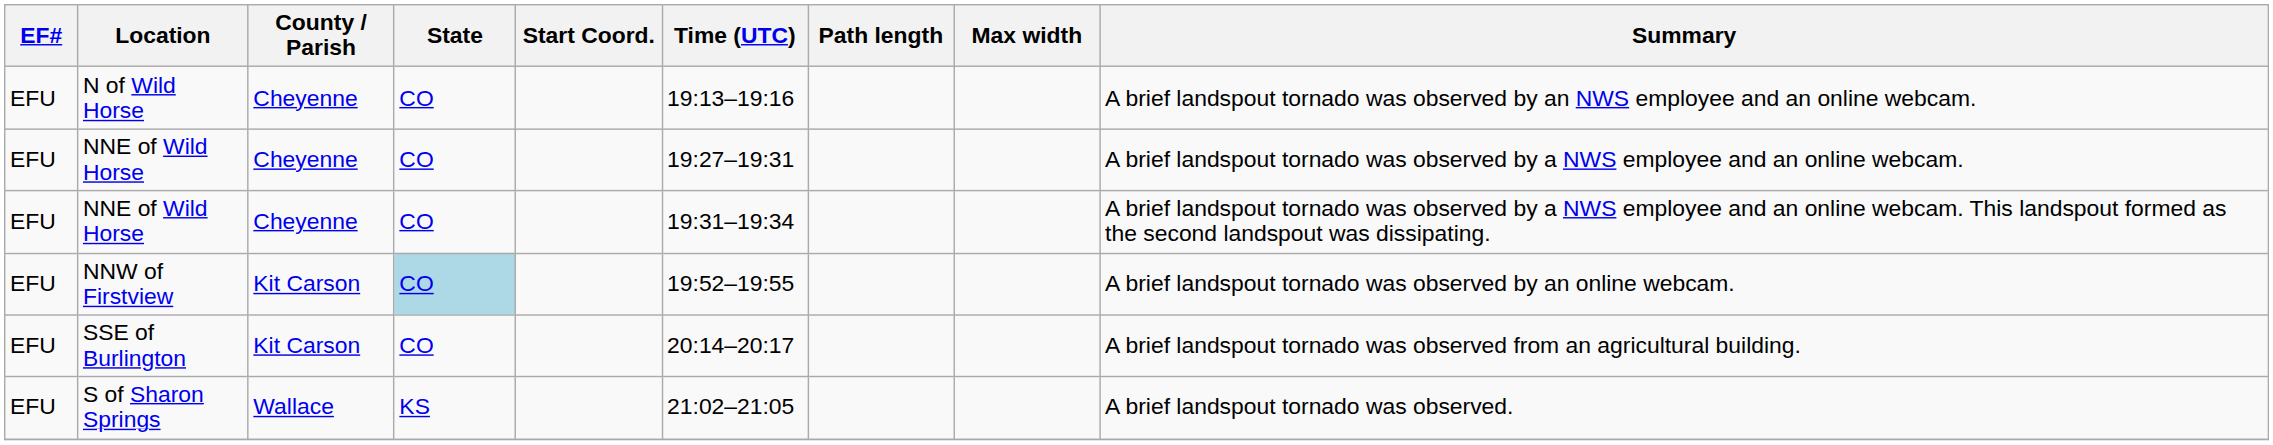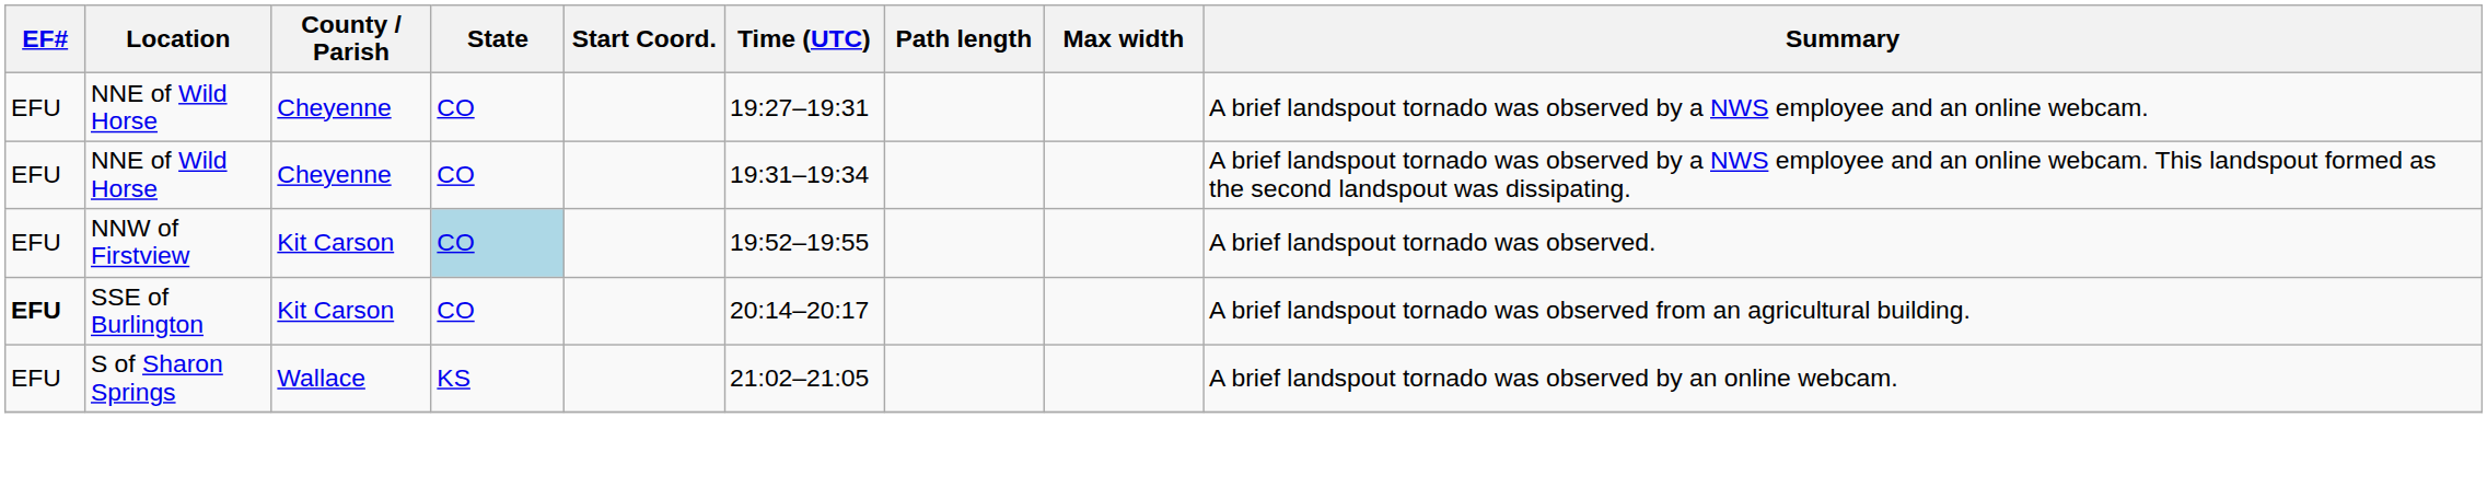 <table class="wikitable sortable" style="width:100%;">
 <tr>
 <th scope="col"  style="width:3%; text-align:center;"><a href='#'>EF#</a></th>
 <th scope="col"  style="width:7%; text-align:center;" class="unsortable">Location</th>
 <th scope="col"  style="width:6%; text-align:center;" class="unsortable">County / Parish</th>
 <th scope="col"  style="width:5%; text-align:center;">State</th>
 <th scope="col"  style="width:6%; text-align:center;">Start Coord.</th>
 <th scope="col"  style="width:6%; text-align:center;">Time (<a href='#'>UTC</a>)</th>
 <th scope="col"  style="width:6%; text-align:center;">Path length</th>
 <th scope="col"  style="width:6%; text-align:center;">Max width</th>
 <th scope="col" class="unsortable" style="width:48%; text-align:center;">Summary</th>
-</tr>
-<tr>
-<td>EFU</td>
-<td>N of <a href='#'>Wild Horse</a></td>
-<td><a href='#'>Cheyenne</a></td>
-<td><a href='#'>CO</a></td>
-<td></td>
-<td>19:13–19:16</td>
-<td></td>
-<td></td>
-<td>A brief landspout tornado was observed by an <a href='#'>NWS</a> employee and an online webcam.</td>
 </tr>
 <tr>
 <td>EFU</td>
 <td>NNE of <a href='#'>Wild Horse</a></td>
 <td><a href='#'>Cheyenne</a></td>
 <td><a href='#'>CO</a></td>
 <td></td>
 <td>19:27–19:31</td>
 <td></td>
 <td></td>
 <td>A brief landspout tornado was observed by a <a href='#'>NWS</a> employee and an online webcam.</td>
 </tr>
 <tr>
 <td>EFU</td>
 <td>NNE of <a href='#'>Wild Horse</a></td>
 <td><a href='#'>Cheyenne</a></td>
 <td><a href='#'>CO</a></td>
 <td></td>
 <td>19:31–19:34</td>
 <td></td>
 <td></td>
 <td>A brief landspout tornado was observed by a <a href='#'>NWS</a> employee and an online webcam. This landspout formed as the second landspout was dissipating.</td>
 </tr>
 <tr>
 <td>EFU</td>
 <td>NNW of <a href='#'>Firstview</a></td>
 <td><a href='#'>Kit Carson</a></td>
 <td style="background: lightblue;"><a href='#'>CO</a></td>
 <td></td>
 <td>19:52–19:55</td>
 <td></td>
 <td></td>
-<td>A brief landspout tornado was observed by an online webcam.</td>
+<td>A brief landspout tornado was observed.</td>
 </tr>
 <tr>
-<td>EFU</td>
+<td><strong>EFU</strong></td>
 <td>SSE of <a href='#'>Burlington</a></td>
 <td><a href='#'>Kit Carson</a></td>
 <td><a href='#'>CO</a></td>
 <td></td>
 <td>20:14–20:17</td>
 <td></td>
 <td></td>
 <td>A brief landspout tornado was observed from an agricultural building.</td>
 </tr>
 <tr>
 <td>EFU</td>
 <td>S of <a href='#'>Sharon Springs</a></td>
 <td><a href='#'>Wallace</a></td>
 <td><a href='#'>KS</a></td>
 <td></td>
 <td>21:02–21:05</td>
 <td></td>
 <td></td>
-<td>A brief landspout tornado was observed.</td>
+<td>A brief landspout tornado was observed by an online webcam.</td>
 </tr>
 <tr>
 </tr>
 </table>
